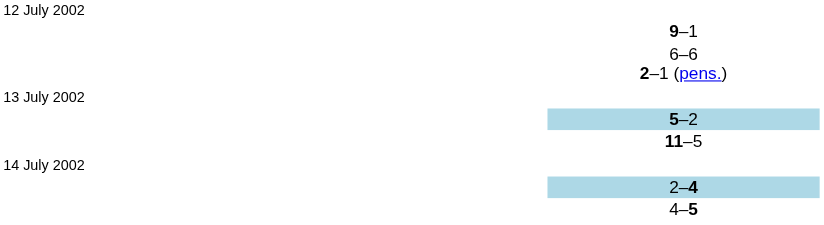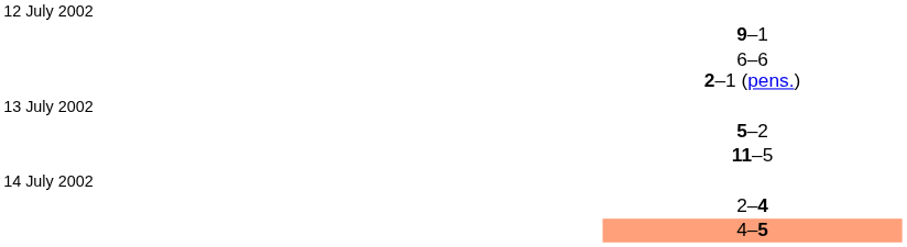 <table width=100% cellspacing=1>
 <tr>
 <th width=40%></th>
 <th width=20%></th>
 <th></th>
 </tr>
 <tr>
 <td><small>12 July 2002</small></td>
 </tr>
 <tr>
 <td align=right><strong></strong></td>
 <td align=center><strong>9</strong>–1</td>
 <td></td>
 </tr>
 <tr>
 <td align=right><strong></strong></td>
 <td align=center>6–6 <br><strong>2</strong>–1 (<a href='#'>pens.</a>)</td>
 <td></td>
 </tr>
 <tr>
 <td><small>13 July 2002</small></td>
 </tr>
 <tr>
 <td align=right><strong></strong></td>
-<td align=center style="background: lightblue;"><strong>5</strong>–2</td>
+<td align=center><strong>5</strong>–2</td>
 <td></td>
 </tr>
 <tr>
 <td align=right><strong></strong></td>
 <td align=center><strong>11</strong>–5</td>
 <td></td>
 </tr>
 <tr>
 <td><small>14 July 2002</small></td>
 </tr>
 <tr>
 <td align=right></td>
-<td align=center style="background: lightblue;">2–<strong>4</strong></td>
+<td align=center>2–<strong>4</strong></td>
 <td><strong></strong></td>
 </tr>
 <tr>
 <td align=right></td>
-<td align=center>4–<strong>5</strong></td>
+<td align=center style="background: lightsalmon;">4–<strong>5</strong></td>
 <td><strong></strong></td>
 </tr>
 </table>
